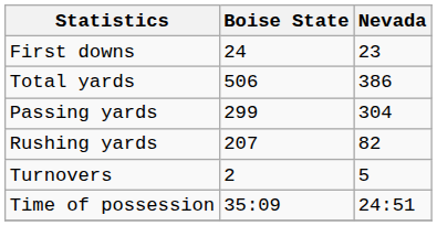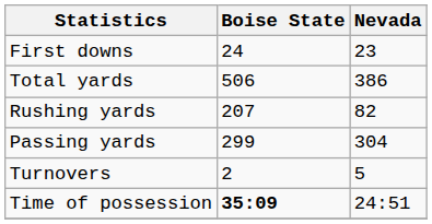 <table class="wikitable">
 <tr>
 <th>Statistics</th>
 <th>Boise State</th>
 <th>Nevada</th>
 </tr>
 <tr>
 <td>First downs</td>
 <td>24</td>
 <td>23</td>
 </tr>
 <tr>
 <td>Total yards</td>
 <td>506</td>
 <td>386</td>
 </tr>
 <tr>
+<td>Rushing yards</td>
+<td>207</td>
+<td>82</td>
+</tr>
+<tr>
 <td>Passing yards</td>
 <td>299</td>
 <td>304</td>
-</tr>
-<tr>
-<td>Rushing yards</td>
-<td>207</td>
-<td>82</td>
 </tr>
 <tr>
 <td>Turnovers</td>
 <td>2</td>
 <td>5</td>
 </tr>
 <tr>
 <td>Time of possession</td>
-<td>35:09</td>
+<td><strong>35:09</strong></td>
 <td>24:51</td>
 </tr>
 <tr>
 </tr>
 </table>
